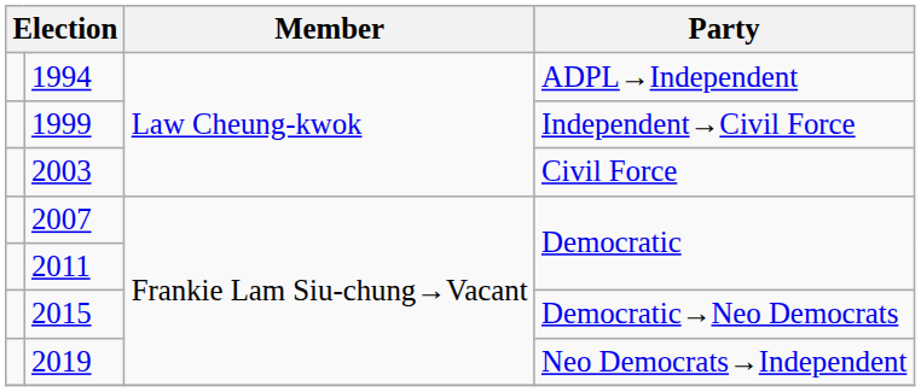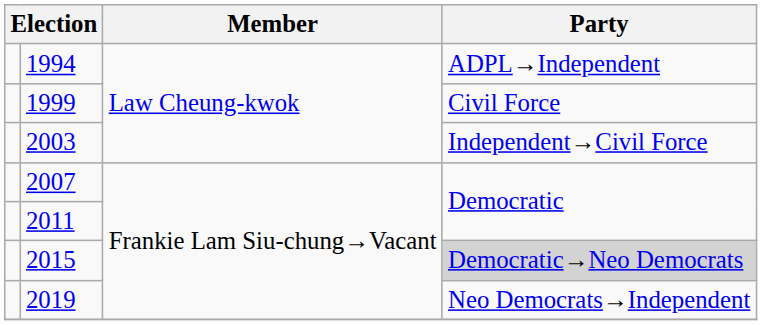 <table class="wikitable">
 <tr>
 <th colspan="2">Election</th>
 <th>Member</th>
 <th>Party</th>
 </tr>
 <tr>
 <td style="background-color: "></td>
 <td><a href='#'>1994</a></td>
 <td rowspan=3><a href='#'>Law Cheung-kwok</a></td>
 <td><a href='#'>ADPL</a>→<a href='#'>Independent</a></td>
 </tr>
 <tr>
 <td style="background-color: "></td>
 <td><a href='#'>1999</a></td>
-<td><a href='#'>Independent</a>→<a href='#'>Civil Force</a></td>
+<td><a href='#'>Civil Force</a></td>
 </tr>
 <tr>
 <td style="background-color: "></td>
 <td><a href='#'>2003</a></td>
-<td><a href='#'>Civil Force</a></td>
+<td><a href='#'>Independent</a>→<a href='#'>Civil Force</a></td>
 </tr>
 <tr>
 <td style="background-color: "></td>
 <td><a href='#'>2007</a></td>
 <td rowspan=4>Frankie Lam Siu-chung→Vacant</td>
 <td rowspan=2><a href='#'>Democratic</a></td>
 </tr>
 <tr>
 <td style="background-color: "></td>
 <td><a href='#'>2011</a></td>
 </tr>
 <tr>
 <td style="background-color: "></td>
 <td><a href='#'>2015</a></td>
-<td><a href='#'>Democratic</a>→<a href='#'>Neo Democrats</a></td>
+<td style="background: lightgrey;"><a href='#'>Democratic</a>→<a href='#'>Neo Democrats</a></td>
 </tr>
 <tr>
 <td style="background-color: "></td>
 <td><a href='#'>2019</a></td>
 <td><a href='#'>Neo Democrats</a>→<a href='#'>Independent</a></td>
 </tr>
 <tr>
 </tr>
 </table>
